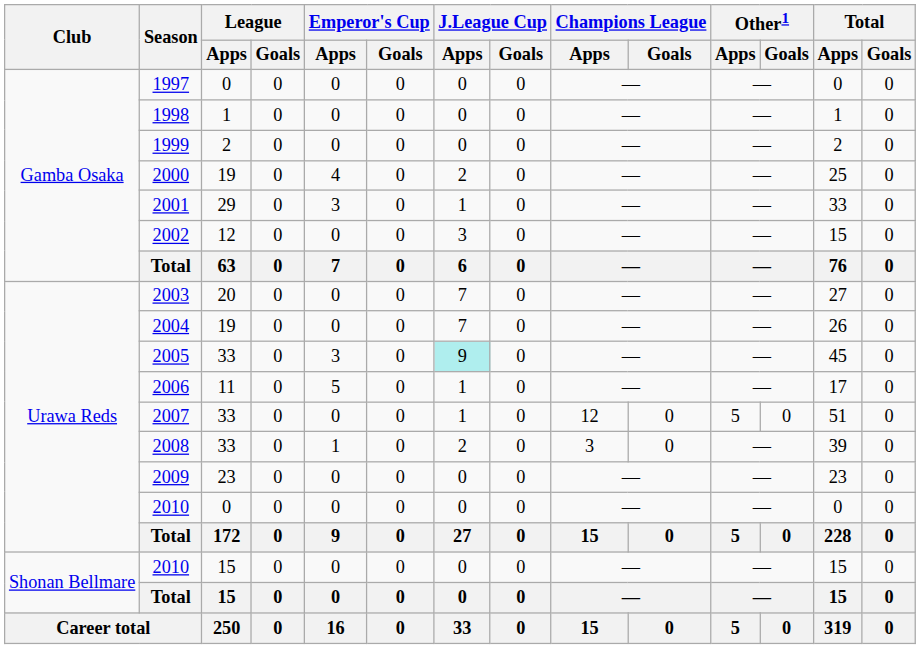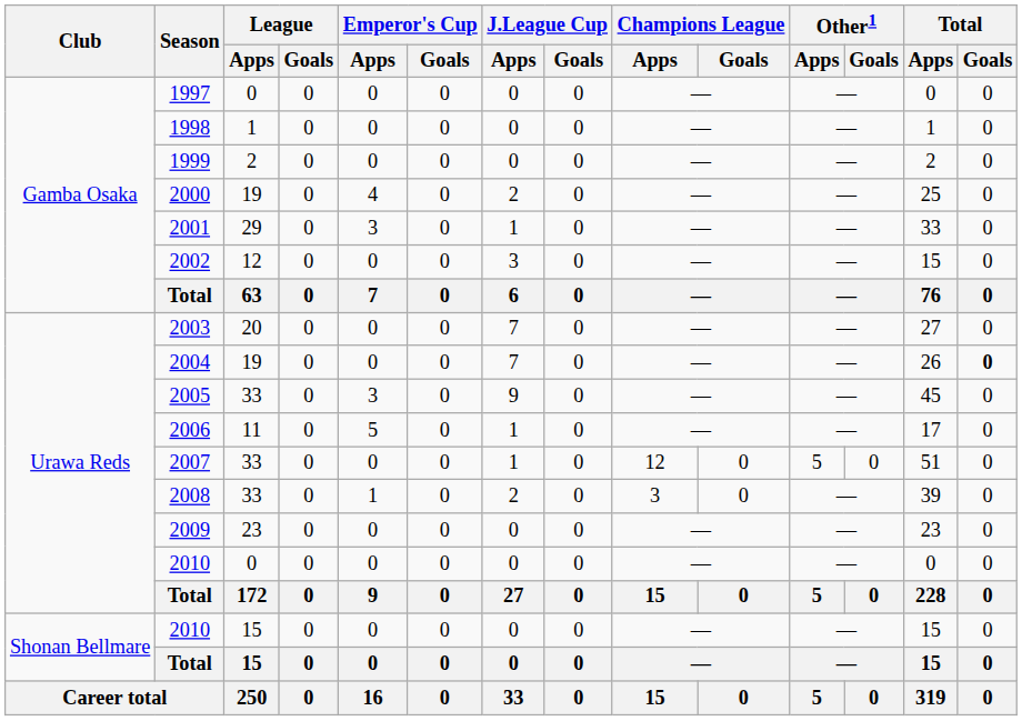 <table class="wikitable" style="font-size:90%; text-align:center;">
 <tr>
 <th rowspan="2">Club</th>
 <th rowspan="2">Season</th>
 <th colspan="2">League</th>
 <th colspan="2"><a href='#'>Emperor's Cup</a></th>
 <th colspan="2"><a href='#'>J.League Cup</a></th>
 <th colspan="2"><a href='#'>Champions League</a></th>
 <th colspan="2">Other<sup><a href='#'>1</a></sup></th>
 <th colspan="2">Total</th>
 </tr>
 <tr>
 <th>Apps</th>
 <th>Goals</th>
 <th>Apps</th>
 <th>Goals</th>
 <th>Apps</th>
 <th>Goals</th>
 <th>Apps</th>
 <th>Goals</th>
 <th>Apps</th>
 <th>Goals</th>
 <th>Apps</th>
 <th>Goals</th>
 </tr>
 <tr>
 <td rowspan="7"><a href='#'>Gamba Osaka</a></td>
 <td><a href='#'>1997</a></td>
 <td>0</td>
 <td>0</td>
 <td>0</td>
 <td>0</td>
 <td>0</td>
 <td>0</td>
 <td colspan="2">—</td>
 <td colspan="2">—</td>
 <td>0</td>
 <td>0</td>
 </tr>
 <tr>
 <td><a href='#'>1998</a></td>
 <td>1</td>
 <td>0</td>
 <td>0</td>
 <td>0</td>
 <td>0</td>
 <td>0</td>
 <td colspan="2">—</td>
 <td colspan="2">—</td>
 <td>1</td>
 <td>0</td>
 </tr>
 <tr>
 <td><a href='#'>1999</a></td>
 <td>2</td>
 <td>0</td>
 <td>0</td>
 <td>0</td>
 <td>0</td>
 <td>0</td>
 <td colspan="2">—</td>
 <td colspan="2">—</td>
 <td>2</td>
 <td>0</td>
 </tr>
 <tr>
 <td><a href='#'>2000</a></td>
 <td>19</td>
 <td>0</td>
 <td>4</td>
 <td>0</td>
 <td>2</td>
 <td>0</td>
 <td colspan="2">—</td>
 <td colspan="2">—</td>
 <td>25</td>
 <td>0</td>
 </tr>
 <tr>
 <td><a href='#'>2001</a></td>
 <td>29</td>
 <td>0</td>
 <td>3</td>
 <td>0</td>
 <td>1</td>
 <td>0</td>
 <td colspan="2">—</td>
 <td colspan="2">—</td>
 <td>33</td>
 <td>0</td>
 </tr>
 <tr>
 <td><a href='#'>2002</a></td>
 <td>12</td>
 <td>0</td>
 <td>0</td>
 <td>0</td>
 <td>3</td>
 <td>0</td>
 <td colspan="2">—</td>
 <td colspan="2">—</td>
 <td>15</td>
 <td>0</td>
 </tr>
 <tr>
 <th colspan="1">Total</th>
 <th>63</th>
 <th>0</th>
 <th>7</th>
 <th>0</th>
 <th>6</th>
 <th>0</th>
 <th colspan="2">—</th>
 <th colspan="2">—</th>
 <th>76</th>
 <th>0</th>
 </tr>
 <tr>
 <td rowspan="9"><a href='#'>Urawa Reds</a></td>
 <td><a href='#'>2003</a></td>
 <td>20</td>
 <td>0</td>
 <td>0</td>
 <td>0</td>
 <td>7</td>
 <td>0</td>
 <td colspan="2">—</td>
 <td colspan="2">—</td>
 <td>27</td>
 <td>0</td>
 </tr>
 <tr>
 <td><a href='#'>2004</a></td>
 <td>19</td>
 <td>0</td>
 <td>0</td>
 <td>0</td>
 <td>7</td>
 <td>0</td>
 <td colspan="2">—</td>
 <td colspan="2">—</td>
 <td>26</td>
-<td>0</td>
+<td><strong>0</strong></td>
 </tr>
 <tr>
 <td><a href='#'>2005</a></td>
 <td>33</td>
 <td>0</td>
 <td>3</td>
 <td>0</td>
-<td style="background: paleturquoise;">9</td>
+<td>9</td>
 <td>0</td>
 <td colspan="2">—</td>
 <td colspan="2">—</td>
 <td>45</td>
 <td>0</td>
 </tr>
 <tr>
 <td><a href='#'>2006</a></td>
 <td>11</td>
 <td>0</td>
 <td>5</td>
 <td>0</td>
 <td>1</td>
 <td>0</td>
 <td colspan="2">—</td>
 <td colspan="2">—</td>
 <td>17</td>
 <td>0</td>
 </tr>
 <tr>
 <td><a href='#'>2007</a></td>
 <td>33</td>
 <td>0</td>
 <td>0</td>
 <td>0</td>
 <td>1</td>
 <td>0</td>
 <td>12</td>
 <td>0</td>
 <td>5</td>
 <td>0</td>
 <td>51</td>
 <td>0</td>
 </tr>
 <tr>
 <td><a href='#'>2008</a></td>
 <td>33</td>
 <td>0</td>
 <td>1</td>
 <td>0</td>
 <td>2</td>
 <td>0</td>
 <td>3</td>
 <td>0</td>
 <td colspan="2">—</td>
 <td>39</td>
 <td>0</td>
 </tr>
 <tr>
 <td><a href='#'>2009</a></td>
 <td>23</td>
 <td>0</td>
 <td>0</td>
 <td>0</td>
 <td>0</td>
 <td>0</td>
 <td colspan="2">—</td>
 <td colspan="2">—</td>
 <td>23</td>
 <td>0</td>
 </tr>
 <tr>
 <td><a href='#'>2010</a></td>
 <td>0</td>
 <td>0</td>
 <td>0</td>
 <td>0</td>
 <td>0</td>
 <td>0</td>
 <td colspan="2">—</td>
 <td colspan="2">—</td>
 <td>0</td>
 <td>0</td>
 </tr>
 <tr>
 <th colspan="1">Total</th>
 <th>172</th>
 <th>0</th>
 <th>9</th>
 <th>0</th>
 <th>27</th>
 <th>0</th>
 <th>15</th>
 <th>0</th>
 <th>5</th>
 <th>0</th>
 <th>228</th>
 <th>0</th>
 </tr>
 <tr>
 <td rowspan="2"><a href='#'>Shonan Bellmare</a></td>
 <td><a href='#'>2010</a></td>
 <td>15</td>
 <td>0</td>
 <td>0</td>
 <td>0</td>
 <td>0</td>
 <td>0</td>
 <td colspan="2">—</td>
 <td colspan="2">—</td>
 <td>15</td>
 <td>0</td>
 </tr>
 <tr>
 <th colspan="1">Total</th>
 <th>15</th>
 <th>0</th>
 <th>0</th>
 <th>0</th>
 <th>0</th>
 <th>0</th>
 <th colspan="2">—</th>
 <th colspan="2">—</th>
 <th>15</th>
 <th>0</th>
 </tr>
 <tr>
 <th colspan="2">Career total</th>
 <th>250</th>
 <th>0</th>
 <th>16</th>
 <th>0</th>
 <th>33</th>
 <th>0</th>
 <th>15</th>
 <th>0</th>
 <th>5</th>
 <th>0</th>
 <th>319</th>
 <th>0</th>
 </tr>
 </table>
